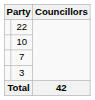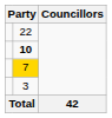 <table class="wikitable">
 <tr>
 <th colspan=2>Party</th>
 <th>Councillors</th>
 </tr>
 <tr>
 <td></td>
 <td align=center>22</td>
 </tr>
 <tr>
 <td></td>
-<td align=center>10</td>
+<td align=center><strong>10</strong></td>
 </tr>
 <tr>
 <td></td>
-<td align=center>7</td>
+<td align=center style="background: gold;">7</td>
 </tr>
 <tr>
 <td></td>
 <td align=center>3</td>
 </tr>
 <tr>
 <th colspan=2>Total</th>
 <th align=center>42</th>
 </tr>
 </table>
